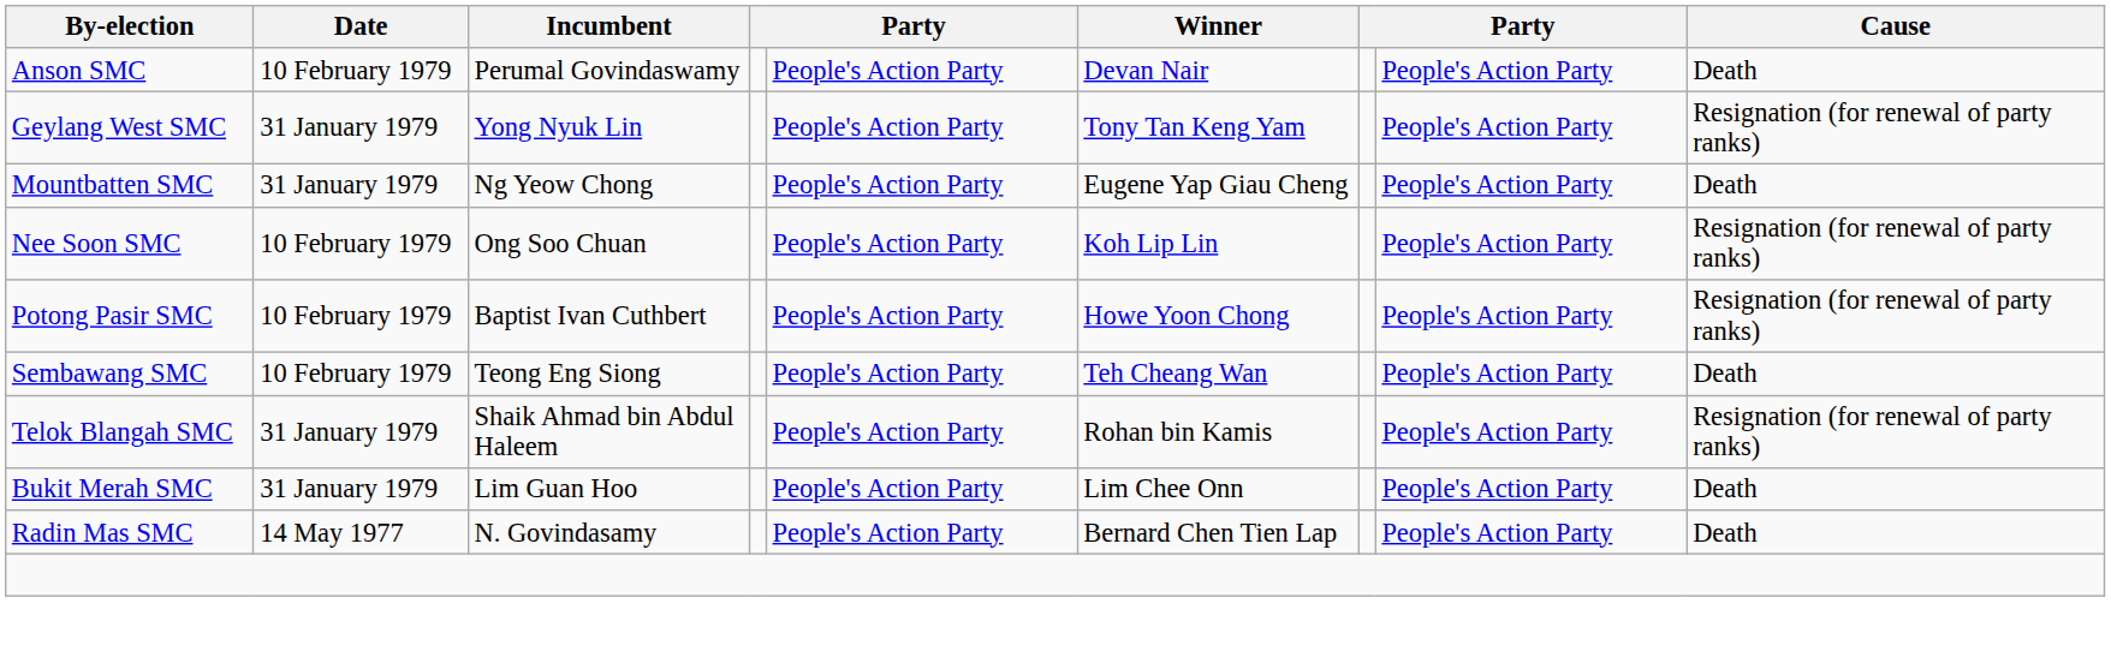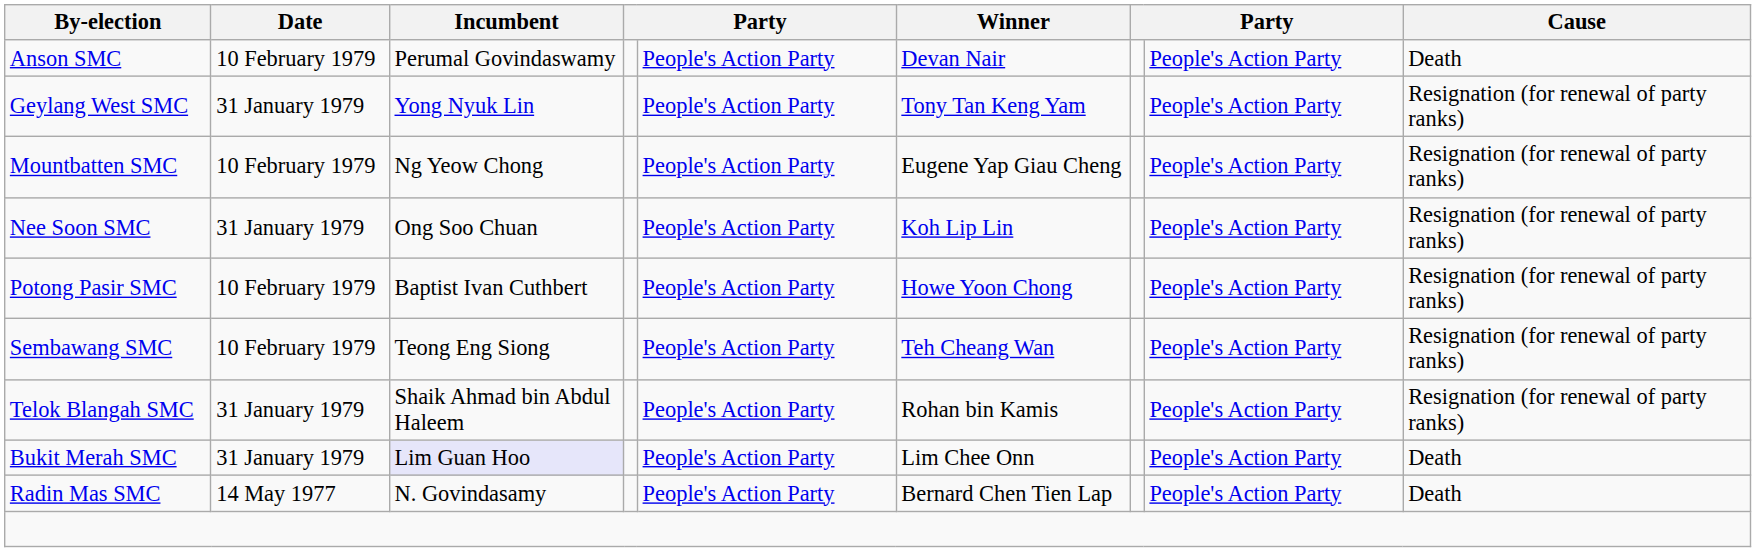 <table class="wikitable">
 <tr>
 <th ! scope="col" width="140px">By-election</th>
 <th ! scope="col" width="120px">Date</th>
 <th ! scope="col" width="160px">Incumbent</th>
 <th ! scope="col" width="200px" colspan=2>Party</th>
 <th ! scope="col" width="160px">Winner</th>
 <th ! scope="col" width="200px" colspan=2>Party</th>
 <th ! scope="col">Cause</th>
 </tr>
 <tr>
 <td><a href='#'>Anson SMC</a></td>
 <td>10 February 1979</td>
 <td>Perumal Govindaswamy</td>
 <td></td>
 <td><a href='#'>People's Action Party</a></td>
 <td><a href='#'>Devan Nair</a></td>
 <td></td>
 <td><a href='#'>People's Action Party</a></td>
 <td>Death</td>
 </tr>
 <tr>
 <td><a href='#'>Geylang West SMC</a></td>
 <td>31 January 1979</td>
 <td><a href='#'>Yong Nyuk Lin</a></td>
 <td></td>
 <td><a href='#'>People's Action Party</a></td>
 <td><a href='#'>Tony Tan Keng Yam</a></td>
 <td></td>
 <td><a href='#'>People's Action Party</a></td>
 <td>Resignation (for renewal of party ranks)</td>
 </tr>
 <tr>
 <td><a href='#'>Mountbatten SMC</a></td>
-<td>31 January 1979</td>
+<td>10 February 1979</td>
 <td>Ng Yeow Chong</td>
 <td></td>
 <td><a href='#'>People's Action Party</a></td>
 <td>Eugene Yap Giau Cheng</td>
 <td></td>
 <td><a href='#'>People's Action Party</a></td>
-<td>Death</td>
+<td>Resignation (for renewal of party ranks)</td>
 </tr>
 <tr>
 <td><a href='#'>Nee Soon SMC</a></td>
-<td>10 February 1979</td>
+<td>31 January 1979</td>
 <td>Ong Soo Chuan</td>
 <td></td>
 <td><a href='#'>People's Action Party</a></td>
 <td><a href='#'>Koh Lip Lin</a></td>
 <td></td>
 <td><a href='#'>People's Action Party</a></td>
 <td>Resignation (for renewal of party ranks)</td>
 </tr>
 <tr>
 <td><a href='#'>Potong Pasir SMC</a></td>
 <td>10 February 1979</td>
 <td>Baptist Ivan Cuthbert</td>
 <td></td>
 <td><a href='#'>People's Action Party</a></td>
 <td><a href='#'>Howe Yoon Chong</a></td>
 <td></td>
 <td><a href='#'>People's Action Party</a></td>
 <td>Resignation (for renewal of party ranks)</td>
 </tr>
 <tr>
 <td><a href='#'>Sembawang SMC</a></td>
 <td>10 February 1979</td>
 <td>Teong Eng Siong</td>
 <td></td>
 <td><a href='#'>People's Action Party</a></td>
 <td><a href='#'>Teh Cheang Wan</a></td>
 <td></td>
 <td><a href='#'>People's Action Party</a></td>
-<td>Death</td>
+<td>Resignation (for renewal of party ranks)</td>
 </tr>
 <tr>
 <td><a href='#'>Telok Blangah SMC</a></td>
 <td>31 January 1979</td>
 <td>Shaik Ahmad bin Abdul Haleem</td>
 <td></td>
 <td><a href='#'>People's Action Party</a></td>
 <td>Rohan bin Kamis</td>
 <td></td>
 <td><a href='#'>People's Action Party</a></td>
 <td>Resignation (for renewal of party ranks)</td>
 </tr>
 <tr>
 <td><a href='#'>Bukit Merah SMC</a></td>
 <td>31 January 1979</td>
-<td>Lim Guan Hoo</td>
+<td style="background: lavender;">Lim Guan Hoo</td>
 <td></td>
 <td><a href='#'>People's Action Party</a></td>
 <td>Lim Chee Onn</td>
 <td></td>
 <td><a href='#'>People's Action Party</a></td>
 <td>Death</td>
 </tr>
 <tr>
 <td><a href='#'>Radin Mas SMC</a></td>
 <td>14 May 1977</td>
 <td>N. Govindasamy</td>
 <td></td>
 <td><a href='#'>People's Action Party</a></td>
 <td>Bernard Chen Tien Lap</td>
 <td></td>
 <td><a href='#'>People's Action Party</a></td>
 <td>Death</td>
 </tr>
 <tr>
 <td colspan=9><br></td>
 </tr>
 </table>
